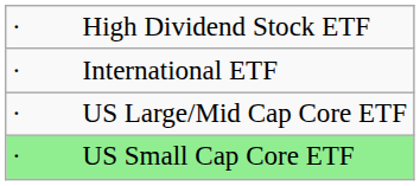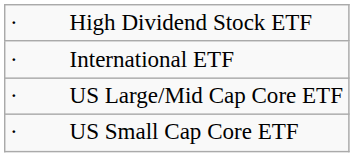 <table class="wikitable">
 <tr>
 <td>·          High Dividend Stock ETF</td>
 </tr>
 <tr>
 <td>·          International ETF</td>
 </tr>
 <tr>
 <td>·          US Large/Mid Cap Core ETF</td>
 </tr>
 <tr>
-<td style="background: lightgreen;">·          US Small Cap Core ETF</td>
+<td>·          US Small Cap Core ETF</td>
 </tr>
 </table>
